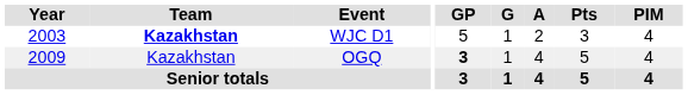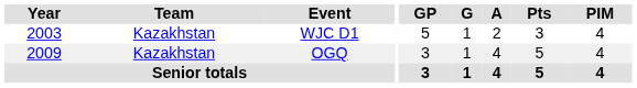 <table border="0" cellpadding="1" cellspacing="0" ID="Table3" style="text-align:center; width:40em">
 <tr ALIGN="center" bgcolor="#e0e0e0">
 <th>Year</th>
 <th>Team</th>
 <th>Event</th>
 <th rowspan="99" bgcolor="#ffffff"></th>
 <th>GP</th>
 <th>G</th>
 <th>A</th>
 <th>Pts</th>
 <th>PIM</th>
 </tr>
 <tr>
 <td><a href='#'>2003</a></td>
-<td><strong><a href='#'>Kazakhstan</a></strong></td>
+<td><a href='#'>Kazakhstan</a></td>
 <td><a href='#'>WJC D1</a></td>
 <td>5</td>
 <td>1</td>
 <td>2</td>
 <td>3</td>
 <td>4</td>
 </tr>
 <tr bgcolor="#f0f0f0">
 <td><a href='#'>2009</a></td>
 <td><a href='#'>Kazakhstan</a></td>
 <td><a href='#'>OGQ</a></td>
-<td><strong>3</strong></td>
+<td>3</td>
 <td>1</td>
 <td>4</td>
 <td>5</td>
 <td>4</td>
 </tr>
 <tr bgcolor="#e0e0e0">
 <th colspan="3">Senior totals</th>
 <th>3</th>
 <th>1</th>
 <th>4</th>
 <th>5</th>
 <th>4</th>
 </tr>
 </table>
